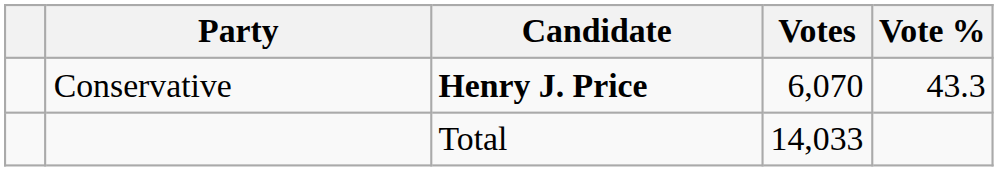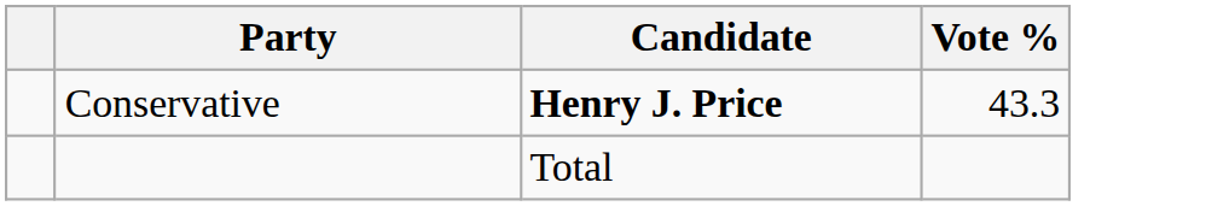 <table class="wikitable">
 <tr>
 <th></th>
 <th scope="col" width="175">Party</th>
 <th scope="col" width="150">Candidate</th>
-<th>Votes<br></th>
 <th>Vote %</th>
 </tr>
 <tr>
 <td>   </td>
 <td>Conservative</td>
 <td><strong>Henry J. Price</strong></td>
-<td align=right>6,070</td>
 <td align=right>43.3<br>   </td>
 </tr>
 <tr>
 <td></td>
 <td></td>
 <td>Total</td>
-<td align=right>14,033</td>
 <td></td>
 </tr>
 </table>
